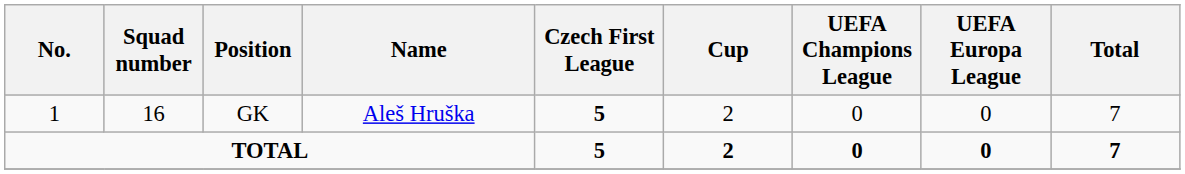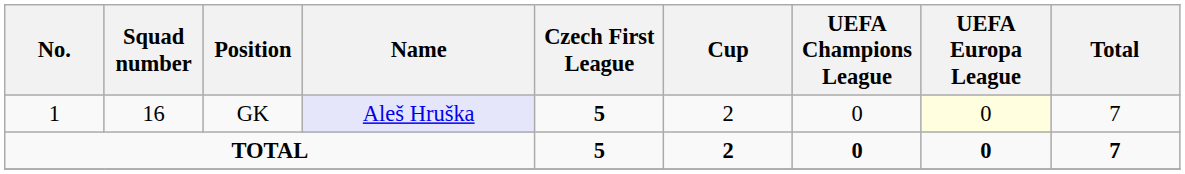 <table class="wikitable" style="font-size: 95%; text-align: center;">
 <tr>
 <th width=60>No.</th>
 <th width=60>Squad number</th>
 <th width=60>Position</th>
 <th width=150>Name</th>
 <th width=80>Czech First League</th>
 <th width=80>Cup</th>
 <th width=80>UEFA Champions League</th>
 <th width=80>UEFA Europa League</th>
 <th width=80>Total</th>
 </tr>
 <tr>
 <td>1</td>
 <td>16</td>
 <td>GK</td>
-<td><a href='#'>Aleš Hruška</a></td>
+<td style="background: lavender;"><a href='#'>Aleš Hruška</a></td>
 <td><strong>5</strong></td>
 <td>2</td>
 <td>0</td>
-<td>0</td>
+<td style="background: lightyellow;">0</td>
 <td>7</td>
 </tr>
 <tr>
 <td colspan="4"><strong>TOTAL</strong></td>
 <td><strong>5</strong></td>
 <td><strong>2</strong></td>
 <td><strong>0</strong></td>
 <td><strong>0</strong></td>
 <td><strong>7</strong></td>
 </tr>
 <tr>
 </tr>
 </table>
